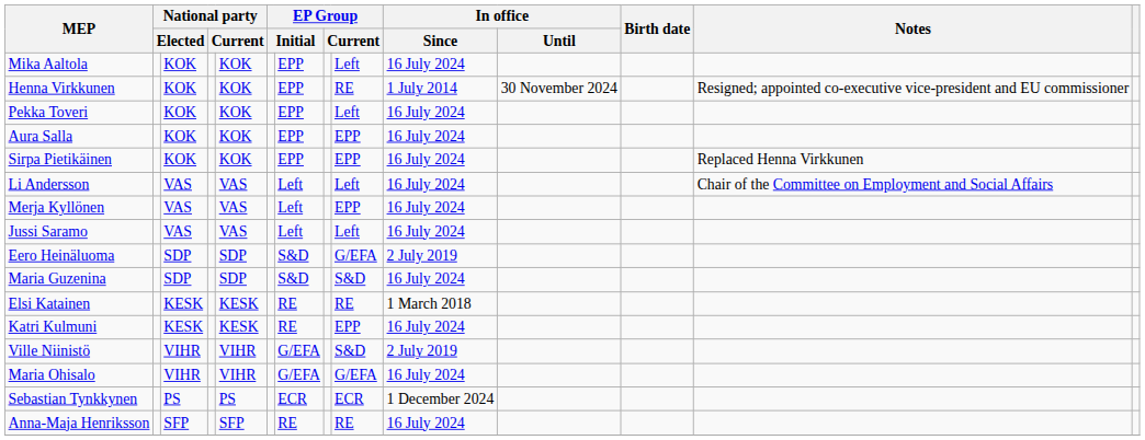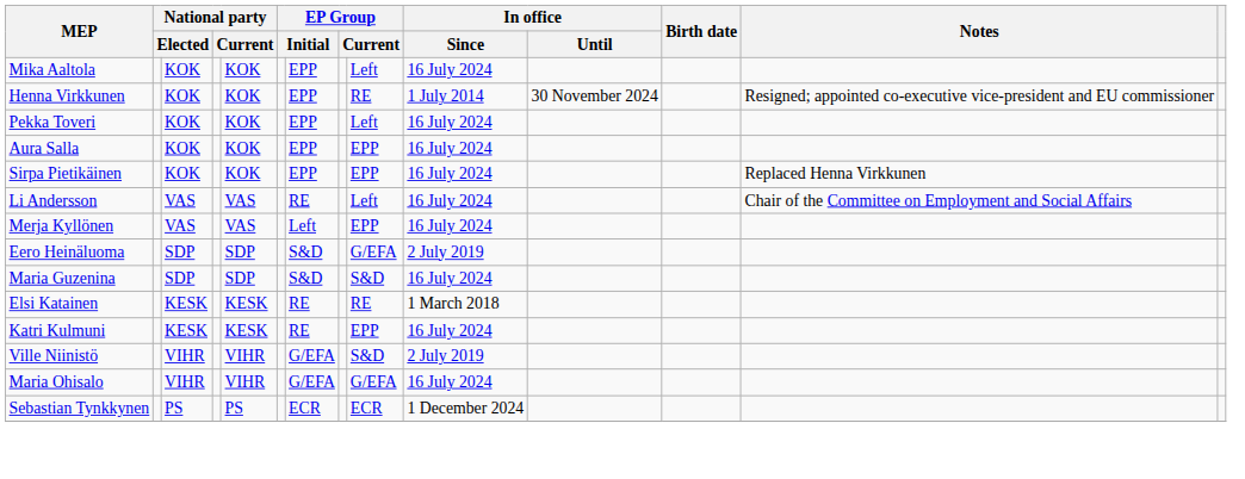 <table class="wikitable sortable" style="text-align:left">
 <tr>
 <th rowspan="2">MEP</th>
 <th colspan="4">National party</th>
 <th colspan="4"><a href='#'>EP Group</a></th>
 <th colspan="2">In office</th>
 <th rowspan="2">Birth date</th>
 <th rowspan="2">Notes</th>
 <th rowspan="2" class="unsortable"></th>
 </tr>
 <tr>
 <th colspan="2">Elected</th>
 <th colspan="2">Current</th>
 <th colspan="2">Initial</th>
 <th colspan="2">Current</th>
 <th>Since</th>
 <th>Until</th>
 </tr>
 <tr>
 <td><a href='#'>Mika Aaltola</a></td>
 <td style="background: "></td>
 <td><a href='#'>KOK</a></td>
 <td style="background: "></td>
 <td><a href='#'>KOK</a></td>
 <td style="background: "></td>
 <td><a href='#'>EPP</a></td>
 <td style="background: "></td>
 <td><a href='#'>Left</a></td>
 <td><a href='#'>16 July 2024</a></td>
 <td></td>
 <td></td>
 <td></td>
 <td></td>
 </tr>
 <tr>
 <td><a href='#'>Henna Virkkunen</a></td>
 <td style="background: "></td>
 <td><a href='#'>KOK</a></td>
 <td style="background: "></td>
 <td><a href='#'>KOK</a></td>
 <td style="background: "></td>
 <td><a href='#'>EPP</a></td>
 <td style="background: "></td>
 <td><a href='#'>RE</a></td>
 <td><a href='#'>1 July 2014</a></td>
 <td>30 November 2024</td>
 <td></td>
 <td>Resigned; appointed co-executive vice-president and EU commissioner</td>
 <td></td>
 </tr>
 <tr>
 <td><a href='#'>Pekka Toveri</a></td>
 <td style="background: "></td>
 <td><a href='#'>KOK</a></td>
 <td style="background: "></td>
 <td><a href='#'>KOK</a></td>
 <td style="background: "></td>
 <td><a href='#'>EPP</a></td>
 <td style="background: "></td>
 <td><a href='#'>Left</a></td>
 <td><a href='#'>16 July 2024</a></td>
 <td></td>
 <td></td>
 <td></td>
 <td></td>
 </tr>
 <tr>
 <td><a href='#'>Aura Salla</a></td>
 <td style="background: "></td>
 <td><a href='#'>KOK</a></td>
 <td style="background: "></td>
 <td><a href='#'>KOK</a></td>
 <td style="background: "></td>
 <td><a href='#'>EPP</a></td>
 <td style="background: "></td>
 <td><a href='#'>EPP</a></td>
 <td><a href='#'>16 July 2024</a></td>
 <td></td>
 <td></td>
 <td></td>
 <td></td>
 </tr>
 <tr>
 <td><a href='#'>Sirpa Pietikäinen</a></td>
 <td style="background: "></td>
 <td><a href='#'>KOK</a></td>
 <td style="background: "></td>
 <td><a href='#'>KOK</a></td>
 <td style="background: "></td>
 <td><a href='#'>EPP</a></td>
 <td style="background: "></td>
 <td><a href='#'>EPP</a></td>
 <td><a href='#'>16 July 2024</a></td>
 <td></td>
 <td></td>
 <td>Replaced Henna Virkkunen</td>
 </tr>
 <tr>
 <td><a href='#'>Li Andersson</a></td>
 <td style="background: "></td>
 <td><a href='#'>VAS</a></td>
 <td style="background: "></td>
 <td><a href='#'>VAS</a></td>
 <td style="background: "></td>
-<td><a href='#'>Left</a></td>
+<td><a href='#'>RE</a></td>
 <td style="background: "></td>
 <td><a href='#'>Left</a></td>
 <td><a href='#'>16 July 2024</a></td>
 <td></td>
 <td></td>
 <td>Chair of the <a href='#'>Committee on Employment and Social Affairs</a></td>
 <td></td>
 </tr>
 <tr>
 <td><a href='#'>Merja Kyllönen</a></td>
 <td style="background: "></td>
 <td><a href='#'>VAS</a></td>
 <td style="background: "></td>
 <td><a href='#'>VAS</a></td>
 <td style="background: "></td>
 <td><a href='#'>Left</a></td>
 <td style="background: "></td>
 <td><a href='#'>EPP</a></td>
-<td><a href='#'>16 July 2024</a></td>
-<td></td>
-<td></td>
-<td></td>
-<td></td>
-</tr>
-<tr>
-<td><a href='#'>Jussi Saramo</a></td>
-<td style="background: "></td>
-<td><a href='#'>VAS</a></td>
-<td style="background: "></td>
-<td><a href='#'>VAS</a></td>
-<td style="background: "></td>
-<td><a href='#'>Left</a></td>
-<td style="background: "></td>
-<td><a href='#'>Left</a></td>
 <td><a href='#'>16 July 2024</a></td>
 <td></td>
 <td></td>
 <td></td>
 <td></td>
 </tr>
 <tr>
 <td><a href='#'>Eero Heinäluoma</a></td>
 <td style="background: "></td>
 <td><a href='#'>SDP</a></td>
 <td style="background: "></td>
 <td><a href='#'>SDP</a></td>
 <td style="background: "></td>
 <td><a href='#'>S&D</a></td>
 <td style="background: "></td>
 <td><a href='#'>G/EFA</a></td>
 <td><a href='#'>2 July 2019</a></td>
 <td></td>
 <td></td>
 <td></td>
 <td></td>
 </tr>
 <tr>
 <td><a href='#'>Maria Guzenina</a></td>
 <td style="background: "></td>
 <td><a href='#'>SDP</a></td>
 <td style="background: "></td>
 <td><a href='#'>SDP</a></td>
 <td style="background: "></td>
 <td><a href='#'>S&D</a></td>
 <td style="background: "></td>
 <td><a href='#'>S&D</a></td>
 <td><a href='#'>16 July 2024</a></td>
 <td></td>
 <td></td>
 <td></td>
 <td></td>
 </tr>
 <tr>
 <td><a href='#'>Elsi Katainen</a></td>
 <td style="background: "></td>
 <td><a href='#'>KESK</a></td>
 <td style="background: "></td>
 <td><a href='#'>KESK</a></td>
 <td style="background: "></td>
 <td><a href='#'>RE</a></td>
 <td style="background: "></td>
 <td><a href='#'>RE</a></td>
 <td>1 March 2018</td>
 <td></td>
 <td></td>
 <td></td>
 <td></td>
 </tr>
 <tr>
 <td><a href='#'>Katri Kulmuni</a></td>
 <td style="background: "></td>
 <td><a href='#'>KESK</a></td>
 <td style="background: "></td>
 <td><a href='#'>KESK</a></td>
 <td style="background: "></td>
 <td><a href='#'>RE</a></td>
 <td style="background: "></td>
 <td><a href='#'>EPP</a></td>
 <td><a href='#'>16 July 2024</a></td>
 <td></td>
 <td></td>
 <td></td>
 <td></td>
 </tr>
 <tr>
 <td><a href='#'>Ville Niinistö</a></td>
 <td style="background: "></td>
 <td><a href='#'>VIHR</a></td>
 <td style="background: "></td>
 <td><a href='#'>VIHR</a></td>
 <td style="background: "></td>
 <td><a href='#'>G/EFA</a></td>
 <td style="background: "></td>
 <td><a href='#'>S&D</a></td>
 <td><a href='#'>2 July 2019</a></td>
 <td></td>
 <td></td>
 <td></td>
 <td></td>
 </tr>
 <tr>
 <td><a href='#'>Maria Ohisalo</a></td>
 <td style="background: "></td>
 <td><a href='#'>VIHR</a></td>
 <td style="background: "></td>
 <td><a href='#'>VIHR</a></td>
 <td style="background: "></td>
 <td><a href='#'>G/EFA</a></td>
 <td style="background: "></td>
 <td><a href='#'>G/EFA</a></td>
 <td><a href='#'>16 July 2024</a></td>
 <td></td>
 <td></td>
 <td></td>
 <td></td>
 </tr>
 <tr>
 <td><a href='#'>Sebastian Tynkkynen</a></td>
 <td style="background: "></td>
 <td><a href='#'>PS</a></td>
 <td style="background: "></td>
 <td><a href='#'>PS</a></td>
 <td style="background: "></td>
 <td><a href='#'>ECR</a></td>
 <td style="background: "></td>
 <td><a href='#'>ECR</a></td>
 <td>1 December 2024</td>
 <td></td>
 <td></td>
 <td></td>
 <td></td>
 </tr>
 <tr>
-<td><a href='#'>Anna-Maja Henriksson</a></td>
-<td style="background: "></td>
-<td><a href='#'>SFP</a></td>
-<td style="background: "></td>
-<td><a href='#'>SFP</a></td>
-<td style="background: "></td>
-<td><a href='#'>RE</a></td>
-<td style="background: "></td>
-<td><a href='#'>RE</a></td>
-<td><a href='#'>16 July 2024</a></td>
-<td></td>
-<td></td>
-<td></td>
-<td></td>
-</tr>
-<tr>
 </tr>
 </table>
